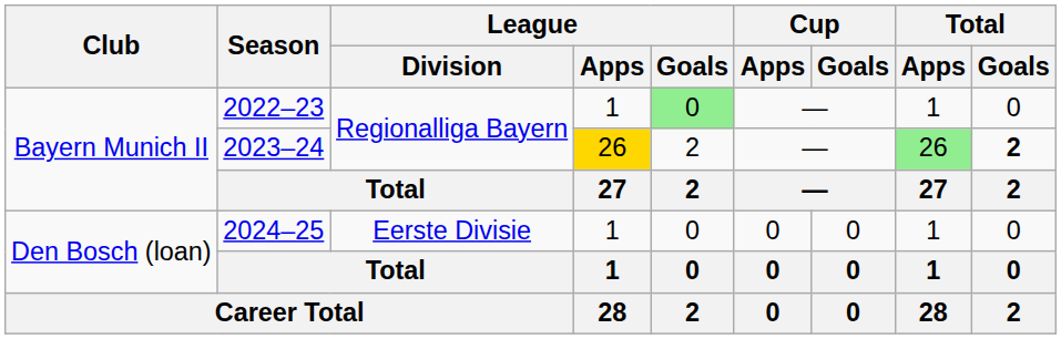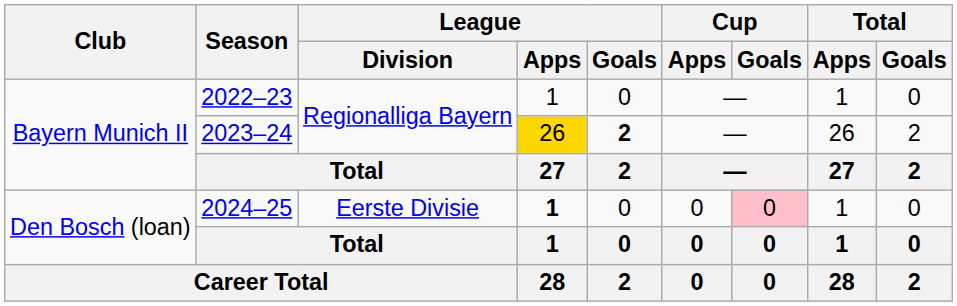 <table class="wikitable" Style="text-align: center">
 <tr>
 <th rowspan="2">Club</th>
 <th rowspan="2">Season</th>
 <th colspan="3">League</th>
 <th colspan="2">Cup</th>
 <th colspan="2">Total</th>
 </tr>
 <tr>
 <th>Division</th>
 <th>Apps</th>
 <th>Goals</th>
 <th>Apps</th>
 <th>Goals</th>
 <th>Apps</th>
 <th>Goals</th>
 </tr>
 <tr>
 <td rowspan="3"><a href='#'>Bayern Munich II</a></td>
 <td><a href='#'>2022–23</a></td>
 <td rowspan="2"><a href='#'>Regionalliga Bayern</a></td>
 <td>1</td>
-<td style="background: lightgreen;">0</td>
+<td>0</td>
 <td colspan="2">—</td>
 <td>1</td>
 <td>0</td>
 </tr>
 <tr>
 <td><a href='#'>2023–24</a></td>
 <td style="background: gold;">26</td>
+<td><strong>2</strong></td>
+<td colspan="2">—</td>
+<td>26</td>
 <td>2</td>
-<td colspan="2">—</td>
-<td style="background: lightgreen;">26</td>
-<td><strong>2</strong></td>
 </tr>
 <tr>
 <th colspan="2">Total</th>
 <th>27</th>
 <th>2</th>
 <th colspan="2">—</th>
 <th>27</th>
 <th>2</th>
 </tr>
 <tr>
 <td rowspan="2"><a href='#'>Den Bosch</a> (loan)</td>
 <td><a href='#'>2024–25</a></td>
 <td><a href='#'>Eerste Divisie</a></td>
-<td>1</td>
+<td><strong>1</strong></td>
 <td>0</td>
 <td>0</td>
-<td>0</td>
+<td style="background: pink;">0</td>
 <td>1</td>
 <td>0</td>
 </tr>
 <tr>
 <th colspan="2">Total</th>
 <th>1</th>
 <th>0</th>
 <th>0</th>
 <th>0</th>
 <th>1</th>
 <th>0</th>
 </tr>
 <tr>
 <th colspan="3">Career Total</th>
 <th>28</th>
 <th>2</th>
 <th>0</th>
 <th>0</th>
 <th>28</th>
 <th>2</th>
 </tr>
 </table>
